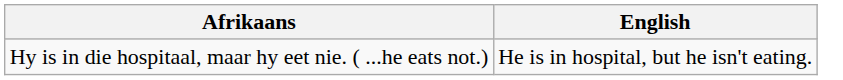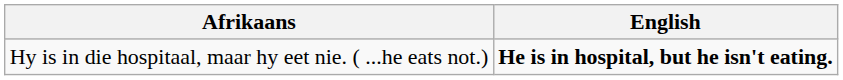 <table class="wikitable">
 <tr>
 <th>Afrikaans</th>
 <th>English</th>
 </tr>
 <tr>
 <td>Hy is in die hospitaal, maar hy eet nie. ( ...he eats not.)</td>
-<td>He is in hospital, but he isn't eating.</td>
+<td><strong>He is in hospital, but he isn't eating.</strong></td>
 </tr>
 </table>
